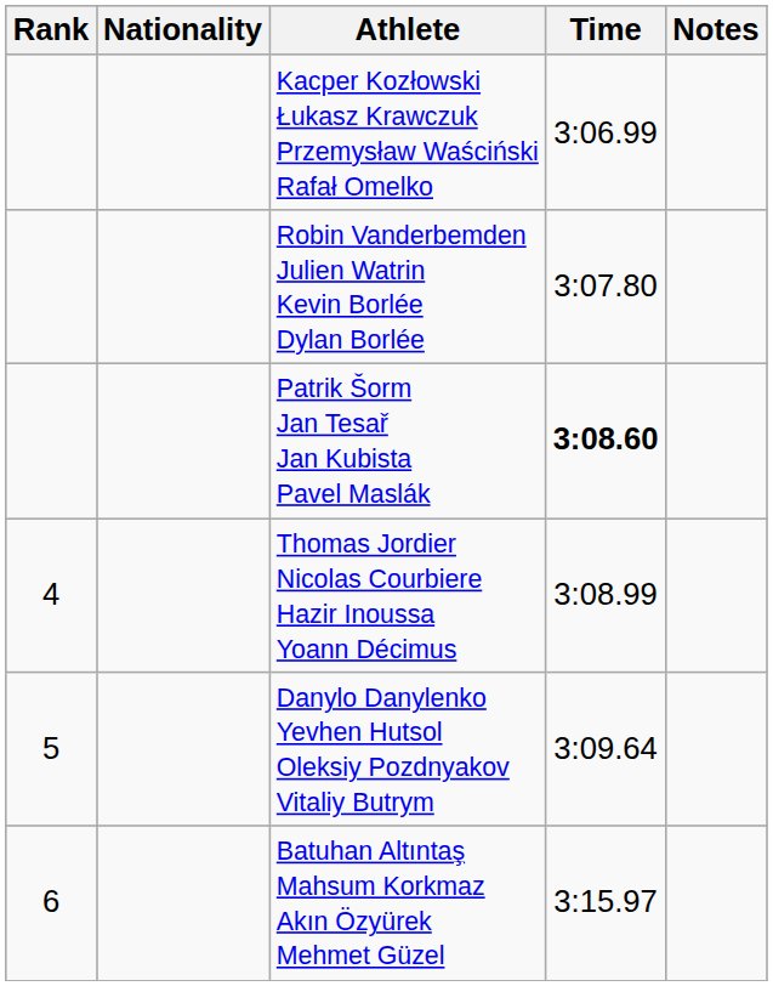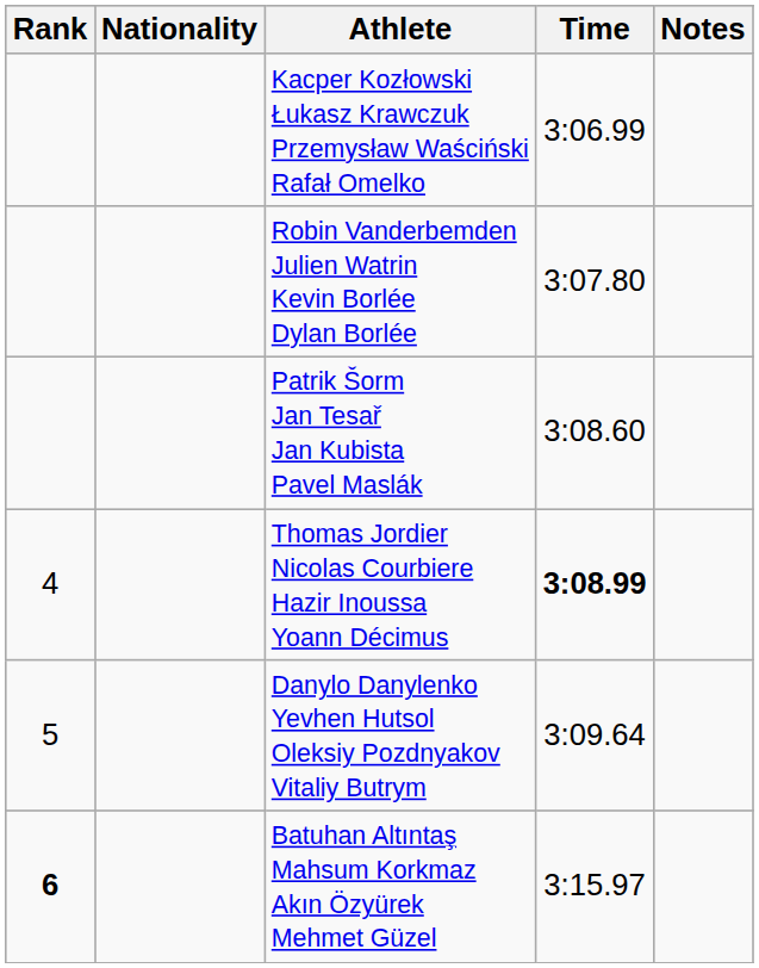 <table class="wikitable sortable" style="text-align:center">
 <tr>
 <th>Rank</th>
 <th>Nationality</th>
 <th>Athlete</th>
 <th>Time</th>
 <th>Notes</th>
 </tr>
 <tr>
 <td></td>
 <td align=left></td>
 <td align=left><small><a href='#'>Kacper Kozłowski</a><br><a href='#'>Łukasz Krawczuk</a><br><a href='#'>Przemysław Waściński</a><br><a href='#'>Rafał Omelko</a></small></td>
 <td>3:06.99</td>
 <td></td>
 </tr>
 <tr>
 <td></td>
 <td align=left></td>
 <td align=left><small><a href='#'>Robin Vanderbemden</a><br><a href='#'>Julien Watrin</a><br><a href='#'>Kevin Borlée</a><br><a href='#'>Dylan Borlée</a></small></td>
 <td>3:07.80</td>
 <td></td>
 </tr>
 <tr>
 <td></td>
 <td align=left></td>
 <td align=left><small><a href='#'>Patrik Šorm</a><br><a href='#'>Jan Tesař</a><br><a href='#'>Jan Kubista</a><br><a href='#'>Pavel Maslák</a></small></td>
-<td><strong>3:08.60</strong></td>
+<td>3:08.60</td>
 <td></td>
 </tr>
 <tr>
 <td>4</td>
 <td align=left></td>
 <td align=left><small><a href='#'>Thomas Jordier</a><br><a href='#'>Nicolas Courbiere</a><br><a href='#'>Hazir Inoussa</a><br><a href='#'>Yoann Décimus</a></small></td>
-<td>3:08.99</td>
+<td><strong>3:08.99</strong></td>
 <td></td>
 </tr>
 <tr>
 <td>5</td>
 <td align=left></td>
 <td align=left><small><a href='#'>Danylo Danylenko</a><br><a href='#'>Yevhen Hutsol</a><br><a href='#'>Oleksiy Pozdnyakov</a><br><a href='#'>Vitaliy Butrym</a></small></td>
 <td>3:09.64</td>
 <td></td>
 </tr>
 <tr>
-<td>6</td>
+<td><strong>6</strong></td>
 <td align=left></td>
 <td align=left><small><a href='#'>Batuhan Altıntaş</a><br><a href='#'>Mahsum Korkmaz</a><br><a href='#'>Akın Özyürek</a><br><a href='#'>Mehmet Güzel</a></small></td>
 <td>3:15.97</td>
 <td></td>
 </tr>
 <tr>
 </tr>
 </table>
